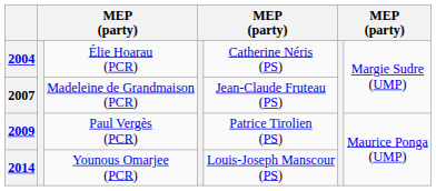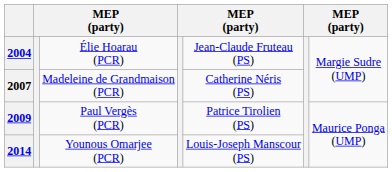 <table class="wikitable" style="text-align:center">
 <tr>
 <th></th>
 <th colspan=2>MEP<br>(party)</th>
 <th colspan=2>MEP<br>(party)</th>
 <th colspan=2>MEP<br>(party)</th>
 </tr>
 <tr>
 <th><a href='#'>2004</a></th>
 <th rowspan=4 style="background-color: "></th>
 <td rowspan=1><a href='#'>Élie Hoarau</a><br>(<a href='#'>PCR</a>)</td>
 <th rowspan=4 style="background-color: "></th>
-<td rowspan=1><a href='#'>Catherine Néris</a><br>(<a href='#'>PS</a>)</td>
+<td rowspan=1><a href='#'>Jean-Claude Fruteau</a><br>(<a href='#'>PS</a>)</td>
 <th rowspan=4 style="background-color: "></th>
 <td rowspan=2><a href='#'>Margie Sudre</a><br>(<a href='#'>UMP</a>)</td>
 </tr>
 <tr>
 <th>2007</th>
 <td rowspan=1><a href='#'>Madeleine de Grandmaison</a><br>(<a href='#'>PCR</a>)</td>
-<td rowspan=1><a href='#'>Jean-Claude Fruteau</a><br>(<a href='#'>PS</a>)</td>
+<td rowspan=1><a href='#'>Catherine Néris</a><br>(<a href='#'>PS</a>)</td>
 </tr>
 <tr>
 <th><a href='#'>2009</a></th>
 <td rowspan=1><a href='#'>Paul Vergès</a><br>(<a href='#'>PCR</a>)</td>
 <td rowspan=1><a href='#'>Patrice Tirolien</a><br>(<a href='#'>PS</a>)</td>
 <td rowspan=2><a href='#'>Maurice Ponga</a><br>(<a href='#'>UMP</a>)</td>
 </tr>
 <tr>
 <th><a href='#'>2014</a></th>
 <td rowspan=1><a href='#'>Younous Omarjee</a><br>(<a href='#'>PCR</a>)</td>
 <td rowspan=1><a href='#'>Louis-Joseph Manscour</a><br>(<a href='#'>PS</a>)</td>
 </tr>
 </table>
